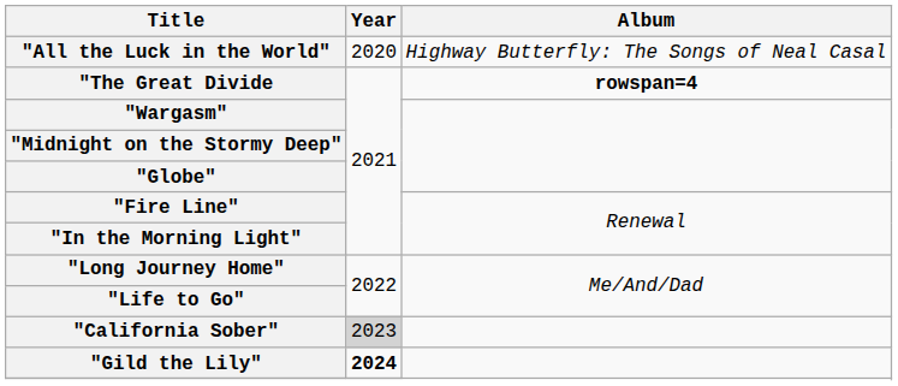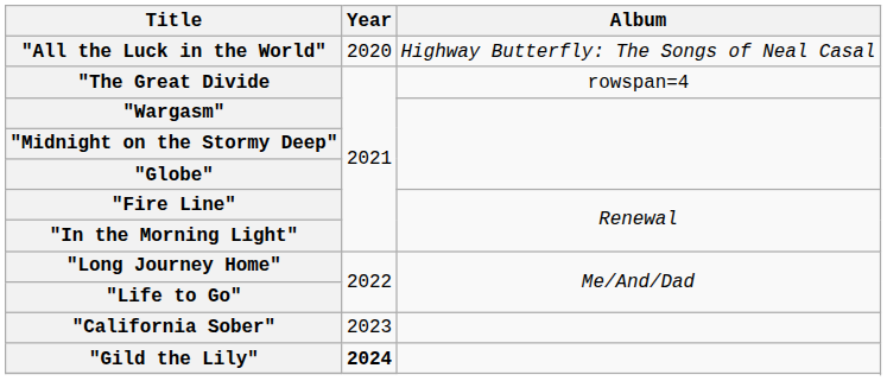 <table class="wikitable plainrowheaders" style="text-align:center;">
 <tr>
 <th scope="col">Title</th>
 <th scope="col">Year</th>
 <th scope="col">Album</th>
 </tr>
 <tr>
 <th scope="row">"All the Luck in the World"<br> </th>
 <td>2020</td>
 <td><em>Highway Butterfly: The Songs of Neal Casal</em></td>
 </tr>
 <tr>
 <th scope="row">"The Great Divide<br> </th>
 <td rowspan=6>2021</td>
-<td><strong>rowspan=4 </strong></td>
+<td>rowspan=4 </td>
 </tr>
 <tr>
 <th scope="row">"Wargasm"<br> </th>
 </tr>
 <tr>
 <th scope="row">"Midnight on the Stormy Deep"<br> </th>
 </tr>
 <tr>
 <th scope="row">"Globe"<br> </th>
 </tr>
 <tr>
 <th scope="row">"Fire Line"</th>
 <td rowspan=2><em>Renewal</em></td>
 </tr>
 <tr>
 <th scope="row">"In the Morning Light"</th>
 </tr>
 <tr>
 <th scope="row">"Long Journey Home"<br> </th>
 <td rowspan=2>2022</td>
 <td rowspan=2><em>Me/And/Dad</em></td>
 </tr>
 <tr>
 <th scope="row">"Life to Go"<br> </th>
 </tr>
 <tr>
 <th scope="row">"California Sober"<br> </th>
-<td style="background: lightgrey;">2023</td>
+<td>2023</td>
 <td></td>
 </tr>
 <tr>
 <th scope="row">"Gild the Lily"</th>
 <td><strong>2024</strong></td>
 </tr>
 <tr>
 </tr>
 </table>
